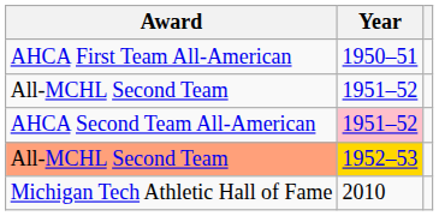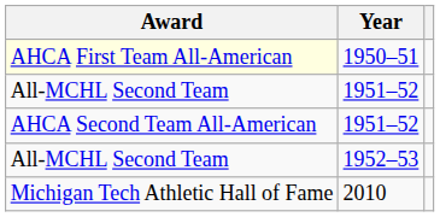 <table class="wikitable">
 <tr>
 <th>Award</th>
 <th>Year</th>
 <th></th>
 </tr>
 <tr>
-<td><a href='#'>AHCA</a> <a href='#'>First Team All-American</a></td>
+<td style="background: lightyellow;"><a href='#'>AHCA</a> <a href='#'>First Team All-American</a></td>
 <td><a href='#'>1950–51</a></td>
 <td></td>
 </tr>
 <tr>
 <td>All-<a href='#'>MCHL</a> <a href='#'>Second Team</a></td>
 <td><a href='#'>1951–52</a></td>
 <td></td>
 </tr>
 <tr>
 <td><a href='#'>AHCA</a> <a href='#'>Second Team All-American</a></td>
-<td style="background: pink;"><a href='#'>1951–52</a></td>
+<td><a href='#'>1951–52</a></td>
 <td></td>
 </tr>
 <tr>
-<td style="background: lightsalmon;">All-<a href='#'>MCHL</a> <a href='#'>Second Team</a></td>
-<td style="background: gold;"><a href='#'>1952–53</a></td>
+<td>All-<a href='#'>MCHL</a> <a href='#'>Second Team</a></td>
+<td><a href='#'>1952–53</a></td>
 <td></td>
 </tr>
 <tr>
 <td><a href='#'>Michigan Tech</a> Athletic Hall of Fame</td>
 <td>2010</td>
 <td></td>
 </tr>
 </table>
